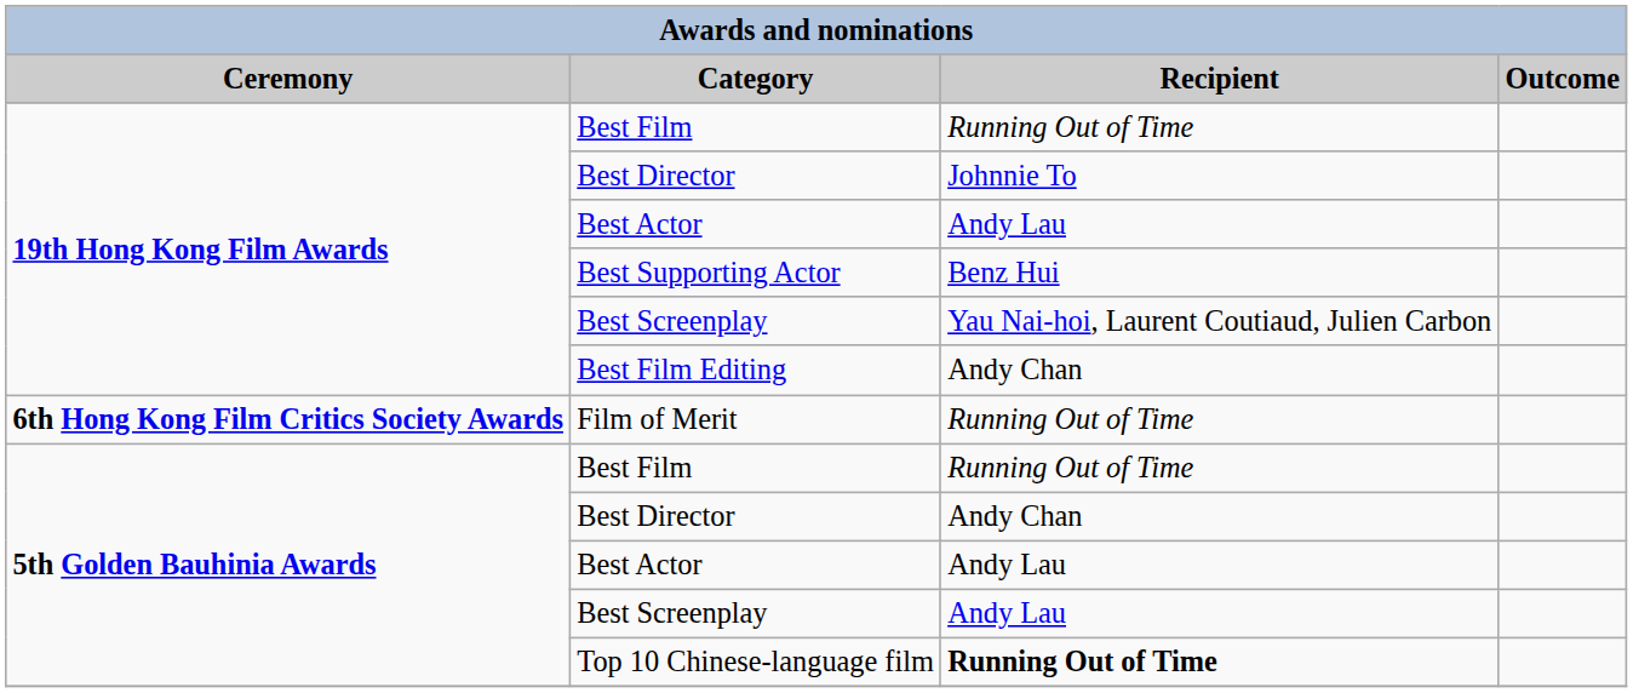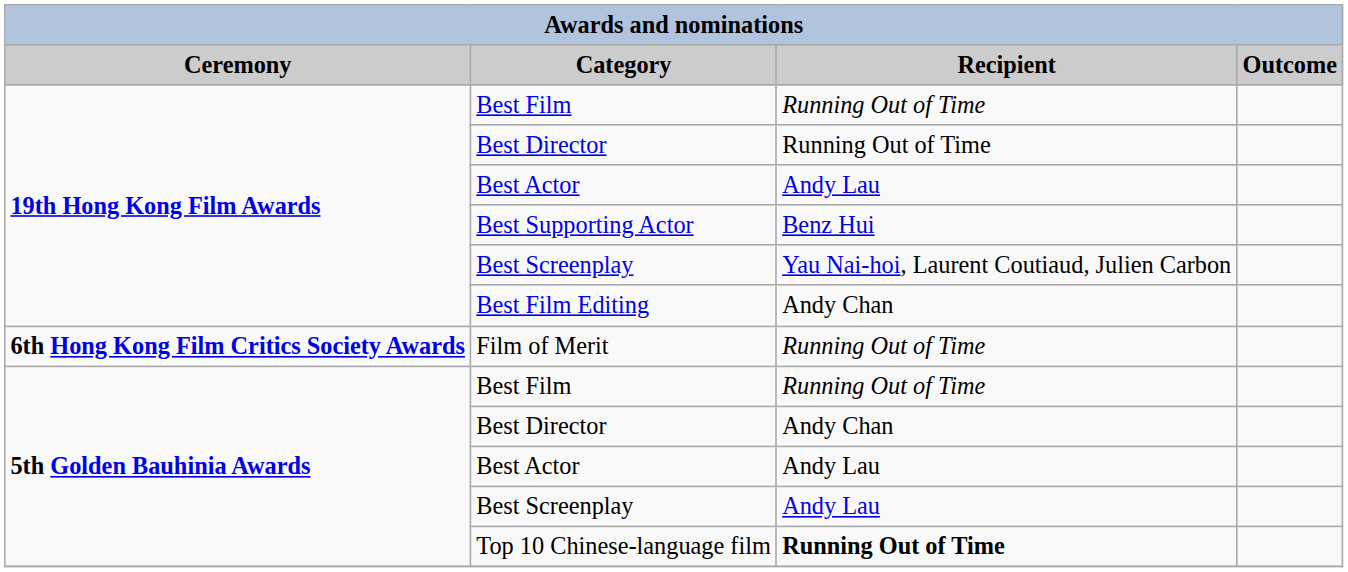 <table class="wikitable" style="font-size:95%;" ;>
 <tr style="background:#ccc; text-align:center;">
 <th colspan="4" style="background: LightSteelBlue;">Awards and nominations</th>
 </tr>
 <tr style="background:#ccc; text-align:center;">
 <th style="background:#ccc">Ceremony</th>
 <th style="background:#ccc">Category</th>
 <th style="background:#ccc">Recipient</th>
 <th style="background:#ccc">Outcome</th>
 </tr>
 <tr>
 <td rowspan=6><strong><a href='#'>19th Hong Kong Film Awards</a></strong></td>
 <td><a href='#'>Best Film</a></td>
 <td><em>Running Out of Time</em></td>
 <td></td>
 </tr>
 <tr>
 <td><a href='#'>Best Director</a></td>
-<td><a href='#'>Johnnie To</a></td>
+<td></em>Running Out of Time<em></td>
 <td></td>
 </tr>
 <tr>
 <td><a href='#'>Best Actor</a></td>
 <td><a href='#'>Andy Lau</a></td>
 <td></td>
 </tr>
 <tr>
 <td><a href='#'>Best Supporting Actor</a></td>
 <td><a href='#'>Benz Hui</a></td>
 <td></td>
 </tr>
 <tr>
 <td><a href='#'>Best Screenplay</a></td>
 <td><a href='#'>Yau Nai-hoi</a>, Laurent Coutiaud, Julien Carbon</td>
 <td></td>
 </tr>
 <tr>
 <td><a href='#'>Best Film Editing</a></td>
 <td>Andy Chan</td>
 <td></td>
 </tr>
 <tr>
 <td><strong>6th <a href='#'>Hong Kong Film Critics Society Awards</a></strong></td>
 <td>Film of Merit</td>
 <td><em>Running Out of Time</em></td>
 <td></td>
 </tr>
 <tr>
 <td rowspan=5><strong>5th <a href='#'>Golden Bauhinia Awards</a></strong></td>
 <td>Best Film</td>
 <td><em>Running Out of Time<strong></td>
 <td></td>
 </tr>
 <tr>
 <td>Best Director</td>
 <td>Andy Chan</td>
 <td></td>
 </tr>
 <tr>
 <td>Best Actor</td>
 <td>Andy Lau</td>
 <td></td>
 </tr>
 <tr>
 <td>Best Screenplay</td>
 <td><a href='#'>Andy Lau</a></td>
 <td></td>
 </tr>
 <tr>
 <td>Top 10 Chinese-language film</td>
 <td><strong></em>Running Out of Time<em></strong></td>
 <td></td>
 </tr>
 <tr>
 </tr>
 </table>
